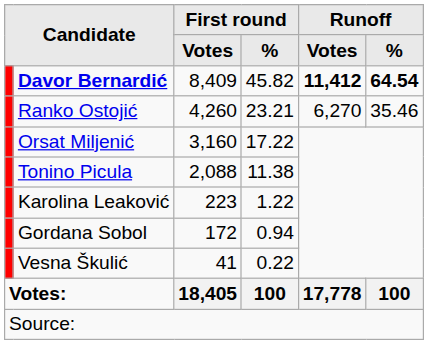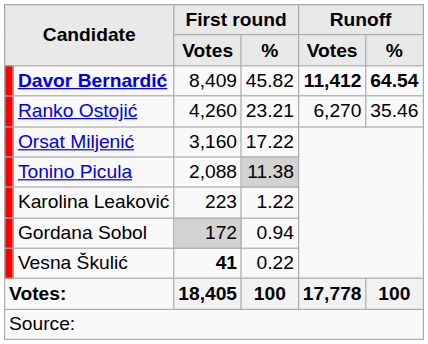 <table class="wikitable">
 <tr style="background:#c9c9c9;">
 <th colspan="2" rowspan="2" style="background:#e9e9e9; text-align:center;">Candidate</th>
 <th style="background:#e9e9e9; text-align:center;" colspan="2">First round</th>
 <th style="background:#e9e9e9; text-align:center;" colspan="2">Runoff</th>
 </tr>
 <tr>
 <th style="background:#e9e9e9; text-align:center;">Votes</th>
 <th style="background:#e9e9e9; text-align:center;">%</th>
 <th style="background:#e9e9e9; text-align:center;">Votes</th>
 <th style="background:#e9e9e9; text-align:center;">%</th>
 </tr>
 <tr>
 <td style="background:red;"></td>
 <td style="text-align:left;"><strong><a href='#'>Davor Bernardić</a></strong></td>
 <td style="text-align:right;">8,409</td>
 <td style="text-align:right;">45.82</td>
 <td style="text-align:right;"><strong>11,412</strong></td>
 <td style="text-align:right;"><strong>64.54</strong></td>
 </tr>
 <tr>
 <td style="background:red;"></td>
 <td style="text-align:left;"><a href='#'>Ranko Ostojić</a></td>
 <td style="text-align:right;">4,260</td>
 <td style="text-align:right;">23.21</td>
 <td style="text-align:right;">6,270</td>
 <td style="text-align:right;">35.46</td>
 </tr>
 <tr>
 <td style="background:red;"></td>
 <td style="text-align:left;"><a href='#'>Orsat Miljenić</a></td>
 <td style="text-align:right;">3,160</td>
 <td style="text-align:right;">17.22</td>
 </tr>
 <tr>
 <td style="background:red;"></td>
 <td style="text-align:left;"><a href='#'>Tonino Picula</a></td>
 <td style="text-align:right;">2,088</td>
-<td style="text-align:right;">11.38</td>
+<td style="background: lightgrey; text-align:right;">11.38</td>
 </tr>
 <tr>
 <td style="background:red;"></td>
 <td style="text-align:left;">Karolina Leaković</td>
 <td style="text-align:right;">223</td>
 <td style="text-align:right;">1.22</td>
 </tr>
 <tr>
 <td style="background:red;"></td>
 <td style="text-align:left;">Gordana Sobol</td>
-<td style="text-align:right;">172</td>
+<td style="background: lightgrey; text-align:right;">172</td>
 <td style="text-align:right;">0.94</td>
 </tr>
 <tr>
 <td style="background:red;"></td>
 <td style="text-align:left;">Vesna Škulić</td>
-<td style="text-align:right;">41</td>
+<td style="text-align:right;"><strong>41</strong></td>
 <td style="text-align:right;">0.22</td>
 </tr>
 <tr>
 <td style="text-align:left;" colspan="2"><strong>Votes:</strong></td>
 <th align= right>18,405</th>
 <th align= right>100</th>
 <th align= right>17,778</th>
 <th align= right>100</th>
 </tr>
 <tr>
 <td style="text-align:left;" colspan="7">Source:</td>
 </tr>
 </table>
